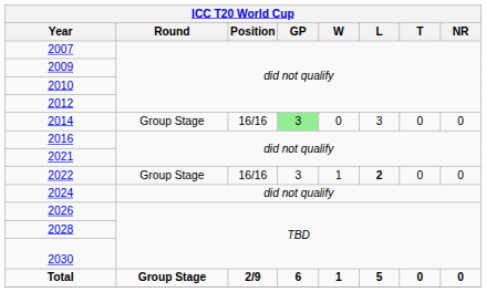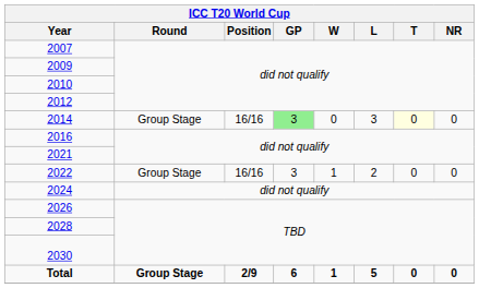 <table class="wikitable" style="text-align: center;">
 <tr>
 <th colspan=8><a href='#'>ICC T20 World Cup</a></th>
 </tr>
 <tr>
 <th width=150>Year</th>
 <th width=150>Round</th>
 <th width=50>Position</th>
 <th width=50>GP</th>
 <th width=50>W</th>
 <th width=50>L</th>
 <th width=50>T</th>
 <th width=50>NR</th>
 </tr>
 <tr>
 <td> <a href='#'>2007</a></td>
 <td colspan="7" rowspan="4"><em>did not qualify</em></td>
 </tr>
 <tr>
 <td> <a href='#'>2009</a></td>
 </tr>
 <tr>
 <td> <a href='#'>2010</a></td>
 </tr>
 <tr>
 <td> <a href='#'>2012</a></td>
 </tr>
 <tr>
 <td> <a href='#'>2014</a></td>
 <td>Group Stage</td>
 <td>16/16</td>
 <td style="background: lightgreen;">3</td>
 <td>0</td>
 <td>3</td>
-<td>0</td>
+<td style="background: lightyellow;">0</td>
 <td>0</td>
 </tr>
 <tr>
 <td> <a href='#'>2016</a></td>
 <td colspan="7" rowspan="2"><em>did not qualify</em></td>
 </tr>
 <tr>
 <td> <a href='#'>2021</a></td>
 </tr>
 <tr>
 <td> <a href='#'>2022</a></td>
 <td>Group Stage</td>
 <td>16/16</td>
 <td>3</td>
 <td>1</td>
-<td><strong>2</strong></td>
+<td>2</td>
 <td>0</td>
 <td>0</td>
 </tr>
 <tr>
 <td> <a href='#'>2024</a></td>
 <td colspan="7"><em>did not qualify</em></td>
 </tr>
 <tr>
 <td> <a href='#'>2026</a></td>
 <td colspan="7" rowspan=3><em>TBD</em></td>
 </tr>
 <tr>
 <td> <a href='#'>2028</a></td>
 </tr>
 <tr>
 <td><br> <a href='#'>2030</a></td>
 </tr>
 <tr>
 <td><strong>Total</strong></td>
 <td><strong>Group Stage</strong></td>
 <td><strong>2/9</strong></td>
 <td><strong>6</strong></td>
 <td><strong>1</strong></td>
 <td><strong>5</strong></td>
 <td><strong>0</strong></td>
 <td><strong>0</strong></td>
 </tr>
 <tr>
 </tr>
 </table>
